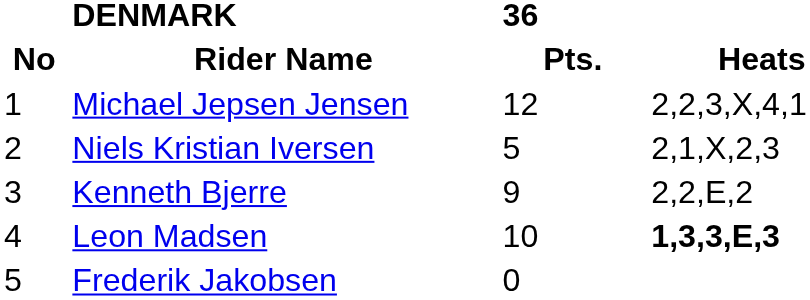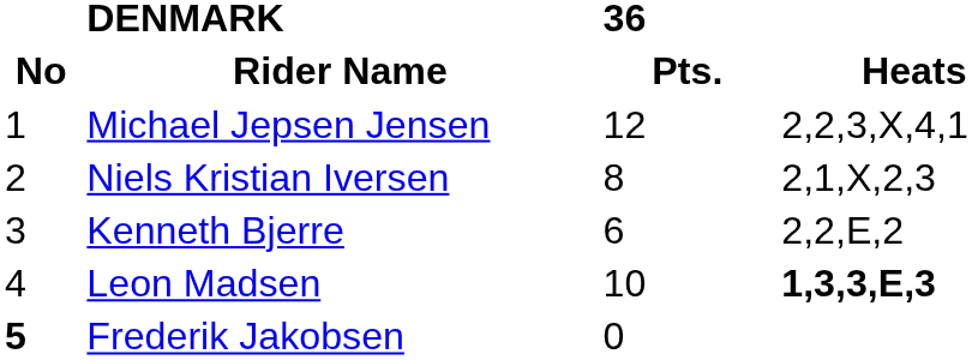 <table class="toccolours">
 <tr>
 <td></td>
 <td><strong>DENMARK</strong></td>
 <td><strong>36</strong></td>
 </tr>
 <tr style="background-color:">
 <th width=30px>No</th>
 <th width=210px>Rider Name</th>
 <th width=70px>Pts.</th>
 <th width=110px>Heats</th>
 </tr>
 <tr style="background-color:">
 <td>1</td>
 <td><a href='#'>Michael Jepsen Jensen</a></td>
 <td>12</td>
 <td>2,2,3,X,4,1</td>
 </tr>
 <tr style="background-color:">
 <td>2</td>
 <td><a href='#'>Niels Kristian Iversen</a></td>
-<td>5</td>
+<td>8</td>
 <td>2,1,X,2,3</td>
 </tr>
 <tr style="background-color:">
 <td>3</td>
 <td><a href='#'>Kenneth Bjerre</a></td>
-<td>9</td>
+<td>6</td>
 <td>2,2,E,2</td>
 </tr>
 <tr style="background-color:">
 <td>4</td>
 <td><a href='#'>Leon Madsen</a></td>
 <td>10</td>
 <td><strong>1,3,3,E,3</strong></td>
 </tr>
 <tr style="background-color:">
-<td>5</td>
+<td><strong>5</strong></td>
 <td><a href='#'>Frederik Jakobsen</a></td>
 <td>0</td>
 <td></td>
 </tr>
 </table>
